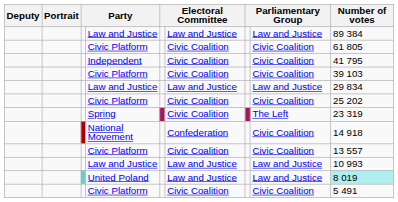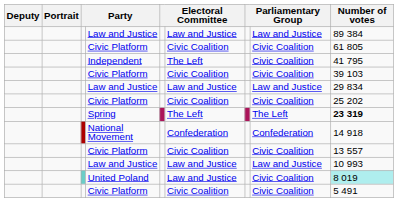 <table class="wikitable sortable" style="font-size:95%;line-height:14px;">
 <tr>
 <th>Deputy</th>
 <th>Portrait</th>
 <th colspan="2">Party</th>
 <th colspan="2">Electoral Committee</th>
 <th colspan="2">Parliamentary Group</th>
 <th>Number of votes</th>
 </tr>
 <tr>
 <td></td>
 <td></td>
 <td style="background:"></td>
 <td><a href='#'>Law and Justice</a></td>
 <td style="background:"></td>
 <td><a href='#'>Law and Justice</a></td>
 <td style="background:"></td>
 <td><a href='#'>Law and Justice</a></td>
 <td>89 384</td>
 </tr>
 <tr>
 <td></td>
 <td></td>
 <td style="background:"></td>
 <td><a href='#'>Civic Platform</a></td>
 <td style="background:"></td>
 <td><a href='#'>Civic Coalition</a></td>
 <td style="background:"></td>
 <td><a href='#'>Civic Coalition</a></td>
 <td>61 805</td>
 </tr>
 <tr>
 <td></td>
 <td></td>
 <td style="background:"></td>
 <td><a href='#'>Independent</a></td>
 <td style="background:"></td>
-<td><a href='#'>Civic Coalition</a></td>
+<td><a href='#'>The Left</a></td>
 <td style="background:"></td>
 <td><a href='#'>Civic Coalition</a></td>
 <td>41 795</td>
 </tr>
 <tr>
 <td></td>
 <td></td>
 <td style="background:"></td>
 <td><a href='#'>Civic Platform</a></td>
 <td style="background:"></td>
 <td><a href='#'>Civic Coalition</a></td>
 <td style="background:"></td>
 <td><a href='#'>Civic Coalition</a></td>
 <td>39 103</td>
 </tr>
 <tr>
 <td></td>
 <td></td>
 <td style="background:"></td>
 <td><a href='#'>Law and Justice</a></td>
 <td style="background:"></td>
 <td><a href='#'>Law and Justice</a></td>
 <td style="background:"></td>
 <td><a href='#'>Law and Justice</a></td>
 <td>29 834</td>
 </tr>
 <tr>
 <td></td>
 <td></td>
 <td style="background:"></td>
 <td><a href='#'>Civic Platform</a></td>
 <td style="background:"></td>
 <td><a href='#'>Civic Coalition</a></td>
 <td style="background:"></td>
 <td><a href='#'>Civic Coalition</a></td>
 <td>25 202</td>
 </tr>
 <tr>
 <td></td>
 <td></td>
 <td style="background:"></td>
 <td><a href='#'>Spring</a></td>
 <td style="background:#AC145A;"></td>
-<td><a href='#'>Civic Coalition</a></td>
+<td><a href='#'>The Left</a></td>
 <td style="background:#AC145A;"></td>
 <td><a href='#'>The Left</a></td>
-<td>23 319</td>
+<td><strong>23 319</strong></td>
 </tr>
 <tr>
 <td></td>
 <td></td>
 <td style="background:#AE0000;"></td>
 <td><a href='#'>National Movement</a></td>
 <td style="background:"></td>
 <td><a href='#'>Confederation</a></td>
 <td style="background:"></td>
-<td><a href='#'>Civic Coalition</a></td>
+<td><a href='#'>Confederation</a></td>
 <td>14 918</td>
 </tr>
 <tr>
 <td></td>
 <td></td>
 <td style="background:"></td>
 <td><a href='#'>Civic Platform</a></td>
 <td style="background:"></td>
 <td><a href='#'>Civic Coalition</a></td>
 <td style="background:"></td>
 <td><a href='#'>Civic Coalition</a></td>
 <td>13 557</td>
 </tr>
 <tr>
 <td></td>
 <td></td>
 <td style="background:"></td>
 <td><a href='#'>Law and Justice</a></td>
 <td style="background:"></td>
 <td><a href='#'>Law and Justice</a></td>
 <td style="background:"></td>
 <td><a href='#'>Law and Justice</a></td>
 <td>10 993</td>
 </tr>
 <tr>
 <td></td>
 <td></td>
 <td style="background:#6acec8;"></td>
 <td><a href='#'>United Poland</a></td>
 <td style="background:"></td>
 <td><a href='#'>Law and Justice</a></td>
 <td style="background:"></td>
-<td><a href='#'>Law and Justice</a></td>
+<td><a href='#'>Civic Coalition</a></td>
 <td style="background: paleturquoise;">8 019</td>
 </tr>
 <tr>
 <td></td>
 <td></td>
 <td style="background:"></td>
 <td><a href='#'>Civic Platform</a></td>
 <td style="background:"></td>
 <td><a href='#'>Civic Coalition</a></td>
 <td style="background:"></td>
 <td><a href='#'>Civic Coalition</a></td>
 <td>5 491</td>
 </tr>
 </table>
